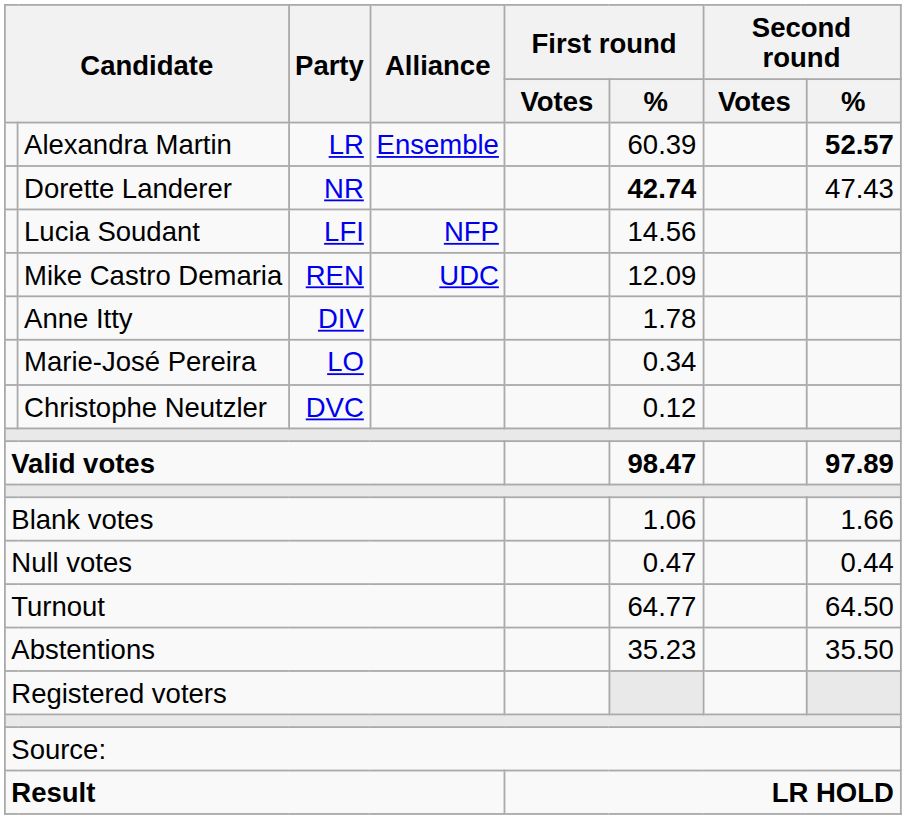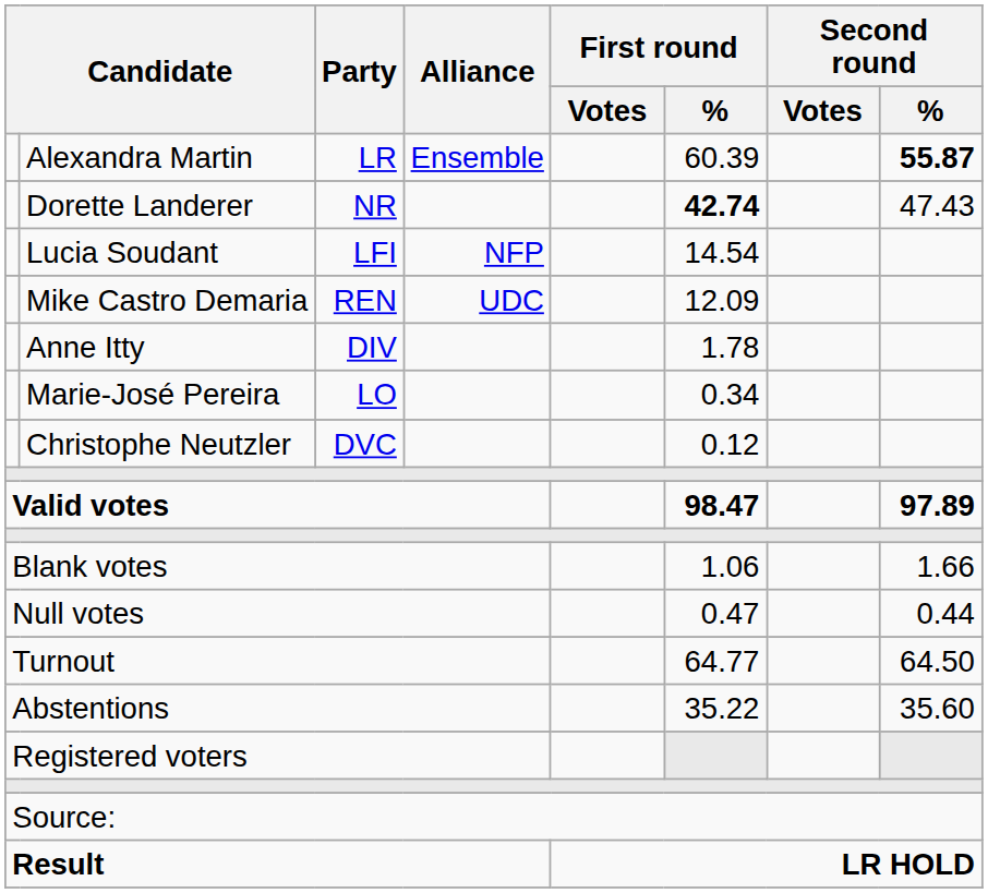 <table class="wikitable" style="text-align:right;font-size:95%;">
 <tr>
 <th colspan="2" rowspan="2">Candidate</th>
 <th colspan="1" rowspan="2">Party</th>
 <th colspan="1" rowspan="2">Alliance</th>
 <th colspan="2">First round</th>
 <th colspan="2">Second round</th>
 </tr>
 <tr>
 <th style="width:50px;">Votes</th>
 <th style="width:45px;">%</th>
 <th style="width:50px;">Votes</th>
 <th style="width:45px;">%</th>
 </tr>
 <tr>
 <td style="color:inherit;background:"></td>
 <td style="text-align:left;">Alexandra Martin</td>
 <td><a href='#'>LR</a></td>
 <td><a href='#'>Ensemble</a></td>
 <td></td>
 <td>60.39</td>
 <td><strong></strong></td>
-<td><strong>52.57</strong></td>
+<td><strong>55.87</strong></td>
 </tr>
 <tr>
 <td style="color:inherit;background:"></td>
 <td style="text-align:left;">Dorette Landerer</td>
 <td><a href='#'>NR</a></td>
 <td></td>
 <td><strong></strong></td>
 <td><strong>42.74</strong></td>
 <td></td>
 <td>47.43</td>
 </tr>
 <tr>
 <td style="color:inherit;background:"></td>
 <td style="text-align:left;">Lucia Soudant</td>
 <td><a href='#'>LFI</a></td>
 <td><a href='#'>NFP</a></td>
 <td></td>
-<td>14.56</td>
+<td>14.54</td>
 <td></td>
 <td></td>
 </tr>
 <tr>
 <td style="color:inherit;background:"></td>
 <td style="text-align:left;">Mike Castro Demaria</td>
 <td><a href='#'>REN</a></td>
 <td><a href='#'>UDC</a></td>
 <td></td>
 <td>12.09</td>
 <td></td>
 <td></td>
 </tr>
 <tr>
 <td style="color:inherit;background:"></td>
 <td style="text-align:left;">Anne Itty</td>
 <td><a href='#'>DIV</a></td>
 <td></td>
 <td></td>
 <td>1.78</td>
 <td></td>
 <td></td>
 </tr>
 <tr>
 <td style="color:inherit;background:"></td>
 <td style="text-align:left;">Marie-José Pereira</td>
 <td><a href='#'>LO</a></td>
 <td></td>
 <td></td>
 <td>0.34</td>
 <td></td>
 <td></td>
 </tr>
 <tr>
 <td style="color:inherit;background:"></td>
 <td style="text-align:left;">Christophe Neutzler</td>
 <td><a href='#'>DVC</a></td>
 <td></td>
 <td></td>
 <td>0.12</td>
 <td></td>
 <td></td>
 </tr>
 <tr>
 <td colspan="8" style="background:#E9E9E9;"></td>
 </tr>
 <tr style="font-weight:bold;">
 <td colspan="4" style="text-align:left;">Valid votes</td>
 <td></td>
 <td>98.47</td>
 <td></td>
 <td>97.89</td>
 </tr>
 <tr>
 <td colspan="8" style="background:#E9E9E9;"></td>
 </tr>
 <tr>
 <td colspan="4" style="text-align:left;">Blank votes</td>
 <td></td>
 <td>1.06</td>
 <td></td>
 <td>1.66</td>
 </tr>
 <tr>
 <td colspan="4" style="text-align:left;">Null votes</td>
 <td></td>
 <td>0.47</td>
 <td></td>
 <td>0.44</td>
 </tr>
 <tr>
 <td colspan="4" style="text-align:left;">Turnout</td>
 <td></td>
 <td>64.77</td>
 <td></td>
 <td>64.50</td>
 </tr>
 <tr>
 <td colspan="4" style="text-align:left;">Abstentions</td>
 <td></td>
-<td>35.23</td>
+<td>35.22</td>
 <td></td>
-<td>35.50</td>
+<td>35.60</td>
 </tr>
 <tr>
 <td colspan="4" style="text-align:left;">Registered voters</td>
 <td></td>
 <td style="background:#E9E9E9;"></td>
 <td></td>
 <td style="background:#E9E9E9;"></td>
 </tr>
 <tr>
 <td colspan="8" style="background:#E9E9E9;"></td>
 </tr>
 <tr>
 <td colspan="8" style="text-align:left;">Source: </td>
 </tr>
 <tr style="font-weight:bold">
 <td colspan="4" style="text-align:left;">Result</td>
 <td colspan="4" style="background-color:">LR HOLD</td>
 </tr>
 </table>
